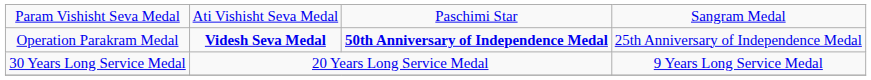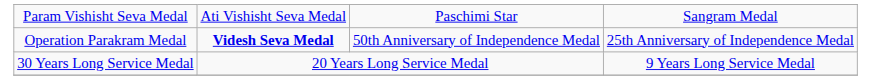 <table class="wikitable" style="margin:1em auto; text-align:center;">
 <tr>
 <td><a href='#'>Param Vishisht Seva Medal</a></td>
 <td><a href='#'>Ati Vishisht Seva Medal</a></td>
 <td><a href='#'>Paschimi Star</a></td>
 <td><a href='#'>Sangram Medal</a></td>
 </tr>
 <tr>
 <td><a href='#'>Operation Parakram Medal</a></td>
 <td><strong><a href='#'>Videsh Seva Medal</a></strong></td>
-<td><strong><a href='#'>50th Anniversary of Independence Medal</a></strong></td>
+<td><a href='#'>50th Anniversary of Independence Medal</a></td>
 <td><a href='#'>25th Anniversary of Independence Medal</a></td>
 </tr>
 <tr>
 <td colspan="1"><a href='#'>30 Years Long Service Medal</a></td>
 <td colspan= "2" style="text-align:center;"><a href='#'>20 Years Long Service Medal</a></td>
 <td colspan="1"><a href='#'>9 Years Long Service Medal</a></td>
 </tr>
 <tr>
 </tr>
 </table>
